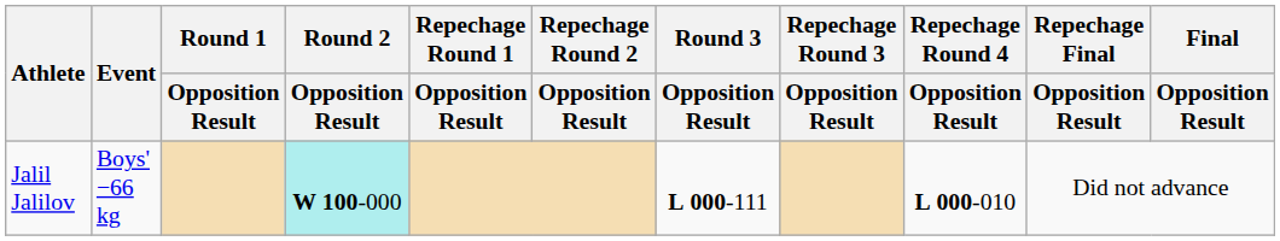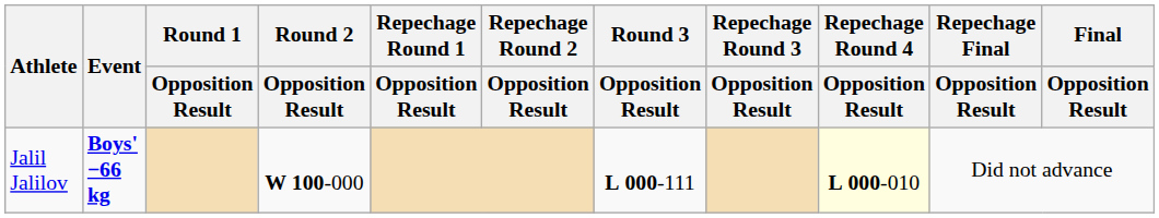 <table class="wikitable" style="font-size:90%">
 <tr>
 <th rowspan="2">Athlete</th>
 <th rowspan="2">Event</th>
 <th>Round 1</th>
 <th>Round 2</th>
 <th>Repechage <br> Round 1</th>
 <th>Repechage <br> Round 2</th>
 <th>Round 3</th>
 <th>Repechage <br> Round 3</th>
 <th>Repechage <br> Round 4</th>
 <th>Repechage Final</th>
 <th>Final</th>
 </tr>
 <tr>
 <th>Opposition<br>Result</th>
 <th>Opposition<br>Result</th>
 <th>Opposition<br>Result</th>
 <th>Opposition<br>Result</th>
 <th>Opposition<br>Result</th>
 <th>Opposition<br>Result</th>
 <th>Opposition<br>Result</th>
 <th>Opposition<br>Result</th>
 <th>Opposition<br>Result</th>
 </tr>
 <tr>
 <td><a href='#'>Jalil Jalilov</a></td>
-<td><a href='#'>Boys' −66 kg</a></td>
+<td><strong><a href='#'>Boys' −66 kg</a></strong></td>
 <td align=center bgcolor="wheat"></td>
-<td align=center style="background: paleturquoise;"><br><strong>W</strong> <strong>100</strong>-000</td>
+<td align=center><br><strong>W</strong> <strong>100</strong>-000</td>
 <td align=center colspan="2" bgcolor="wheat"></td>
 <td align=center><br><strong>L</strong> <strong>000</strong>-111</td>
 <td align=center bgcolor="wheat"></td>
-<td align=center><br><strong>L</strong> <strong>000</strong>-010</td>
+<td align=center style="background: lightyellow;"><br><strong>L</strong> <strong>000</strong>-010</td>
 <td align=center colspan="2">Did not advance</td>
 </tr>
 </table>
